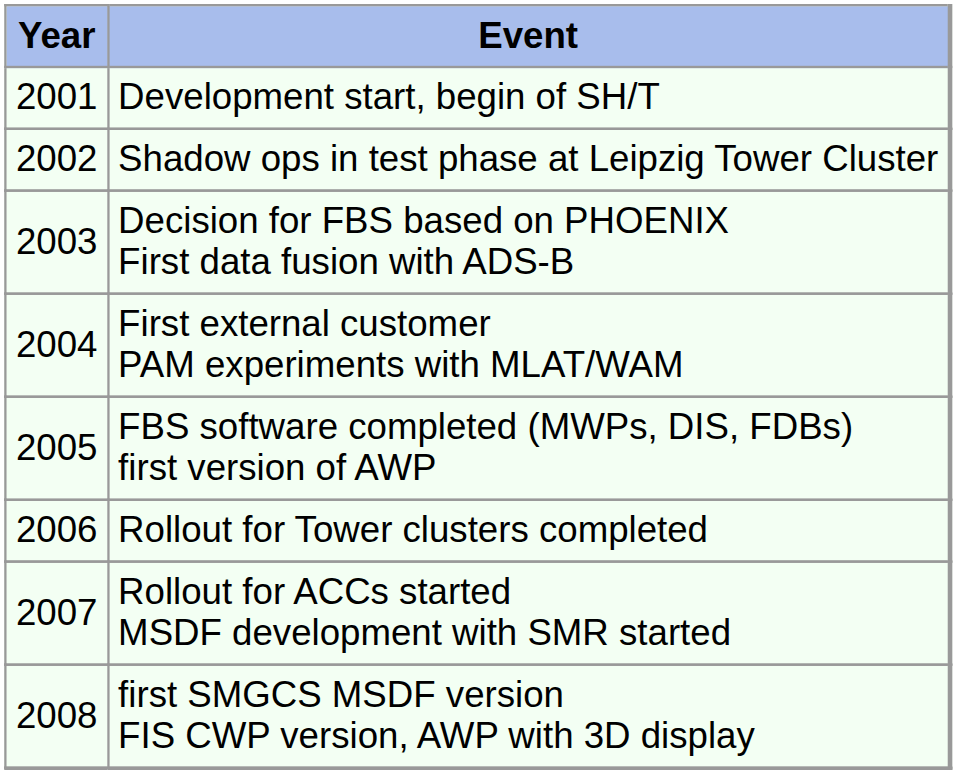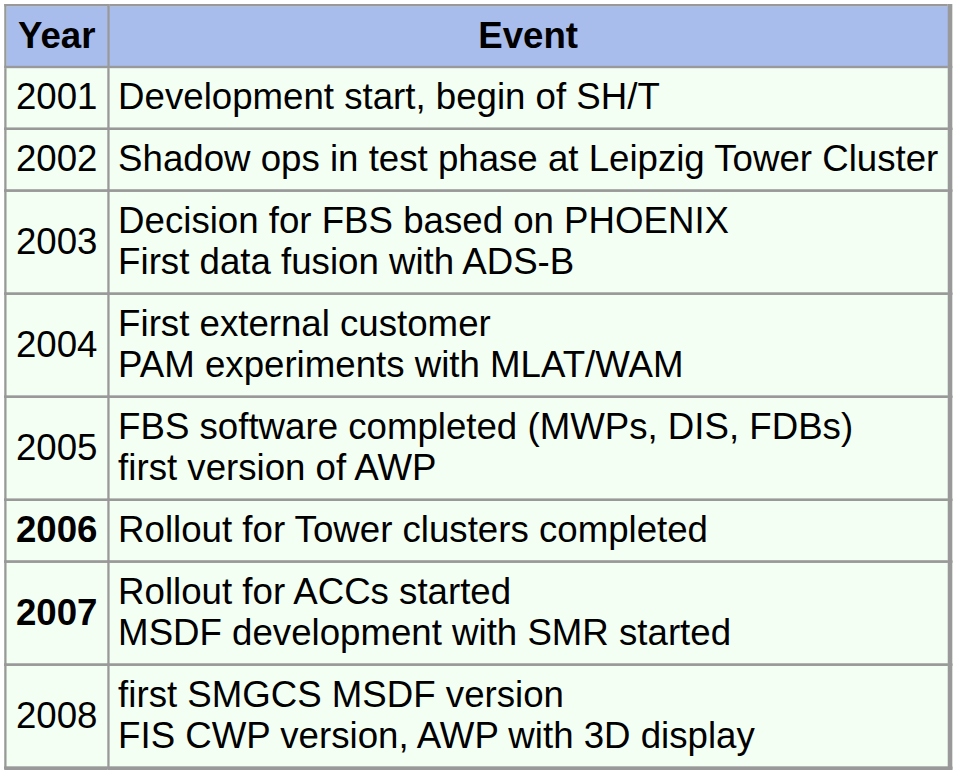 <table align="center" rules="all" cellspacing="0" cellpadding="4" style="border: 1px solid #999; border-right: 2px solid #999; border-bottom:2px solid #999; background: #f3fff3">
 <tr>
 <th style="background: #A8BDEC;">Year</th>
 <th style="background: #A8BDEC;">Event</th>
 </tr>
 <tr>
 <td align=center>2001</td>
 <td align=left>Development start, begin of SH/T</td>
 </tr>
 <tr>
 </tr>
 <tr>
 <td align=center>2002</td>
 <td align=left>Shadow ops in test phase at Leipzig Tower Cluster</td>
 </tr>
 <tr>
 </tr>
 <tr>
 <td align=center>2003</td>
 <td align=left>Decision for FBS based on PHOENIX <br> First data fusion with ADS-B</td>
 </tr>
 <tr>
 </tr>
 <tr>
 <td align=center>2004</td>
 <td align=left>First external customer <br> PAM experiments with MLAT/WAM</td>
 </tr>
 <tr>
 </tr>
 <tr>
 <td align=center>2005</td>
 <td align=left>FBS software completed (MWPs, DIS, FDBs) <br> first version of AWP</td>
 </tr>
 <tr>
 </tr>
 <tr>
-<td align=center>2006</td>
+<td align=center><strong>2006</strong></td>
 <td align=left>Rollout for Tower clusters completed</td>
 </tr>
 <tr>
 </tr>
 <tr>
-<td align=center>2007</td>
+<td align=center><strong>2007</strong></td>
 <td align=left>Rollout for ACCs started<br> MSDF development with SMR started</td>
 </tr>
 <tr>
 </tr>
 <tr>
 <td align=center>2008</td>
 <td align=left>first SMGCS MSDF version<br> FIS CWP version, AWP with 3D display</td>
 </tr>
 <tr>
 </tr>
 </table>
